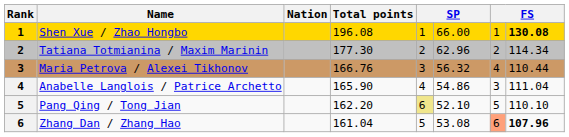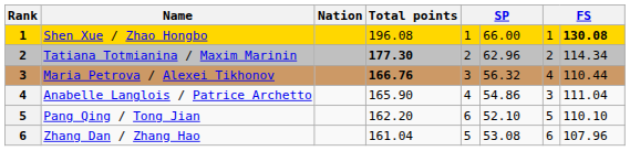 <table class="wikitable">
 <tr>
 <th>Rank</th>
 <th>Name</th>
 <th>Nation</th>
 <th>Total points</th>
 <th colspan="2" width="80px"><a href='#'>SP</a></th>
 <th colspan="2" width="80px"><a href='#'>FS</a></th>
 </tr>
 <tr bgcolor="gold">
 <td align="center"><strong>1</strong></td>
 <td><a href='#'>Shen Xue</a> / <a href='#'>Zhao Hongbo</a></td>
 <td></td>
 <td>196.08</td>
 <td>1</td>
 <td>66.00</td>
 <td>1</td>
 <td><strong>130.08</strong></td>
 </tr>
 <tr bgcolor="silver">
 <td align="center"><strong>2</strong></td>
 <td><a href='#'>Tatiana Totmianina</a> / <a href='#'>Maxim Marinin</a></td>
 <td></td>
-<td>177.30</td>
+<td><strong>177.30</strong></td>
 <td>2</td>
 <td>62.96</td>
 <td>2</td>
 <td>114.34</td>
 </tr>
 <tr bgcolor="cc9966">
 <td align="center"><strong>3</strong></td>
 <td><a href='#'>Maria Petrova</a> / <a href='#'>Alexei Tikhonov</a></td>
 <td></td>
-<td>166.76</td>
+<td><strong>166.76</strong></td>
 <td>3</td>
 <td>56.32</td>
 <td>4</td>
 <td>110.44</td>
 </tr>
 <tr>
 <th>4</th>
 <td><a href='#'>Anabelle Langlois</a> / <a href='#'>Patrice Archetto</a></td>
 <td></td>
 <td>165.90</td>
 <td>4</td>
 <td>54.86</td>
 <td>3</td>
 <td>111.04</td>
 </tr>
 <tr>
 <th>5</th>
 <td><a href='#'>Pang Qing</a> / <a href='#'>Tong Jian</a></td>
 <td></td>
 <td>162.20</td>
-<td style="background: khaki;">6</td>
+<td>6</td>
 <td>52.10</td>
 <td>5</td>
 <td>110.10</td>
 </tr>
 <tr>
 <th>6</th>
 <td><a href='#'>Zhang Dan</a> / <a href='#'>Zhang Hao</a></td>
 <td></td>
 <td>161.04</td>
 <td>5</td>
 <td>53.08</td>
-<td style="background: lightsalmon;">6</td>
-<td><strong>107.96</strong></td>
+<td>6</td>
+<td>107.96</td>
 </tr>
 </table>
